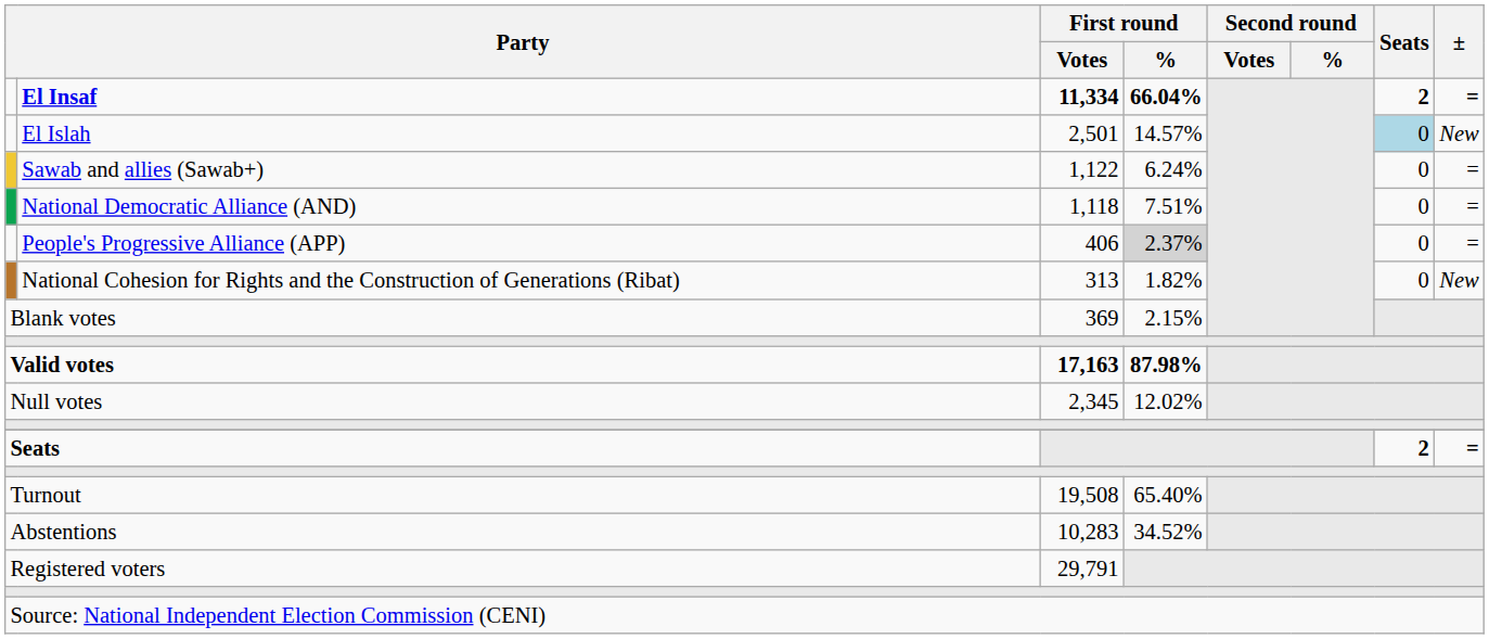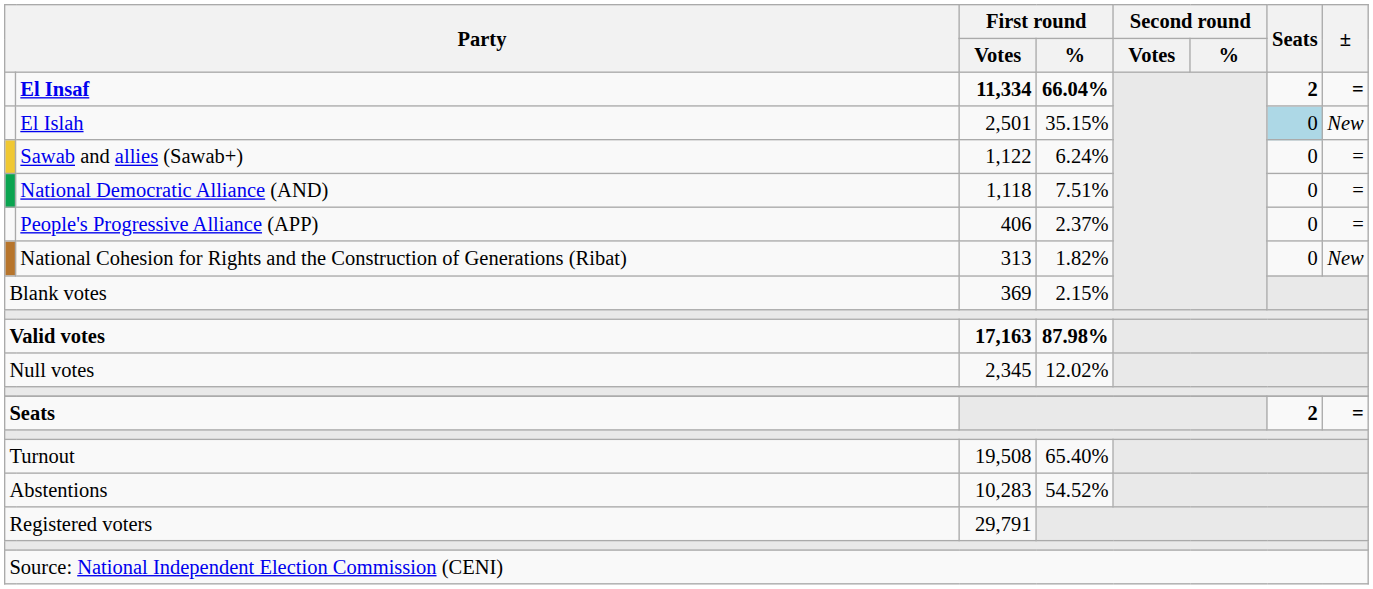 <table class="wikitable" style="text-align:right;font-size:95%;">
 <tr>
 <th rowspan="2" colspan="2" width="700">Party</th>
 <th colspan="2">First round</th>
 <th colspan="2">Second round</th>
 <th rowspan="2" width="25">Seats</th>
 <th rowspan="2" width="20">±</th>
 </tr>
 <tr>
 <th width="50">Votes</th>
 <th width="50">%</th>
 <th width="50">Votes</th>
 <th width="50">%</th>
 </tr>
 <tr>
 <td width="1" style="color:inherit;background:"></td>
 <td style="text-align:left;"><strong><a href='#'>El Insaf</a></strong></td>
 <td><strong>11,334</strong></td>
 <td><strong>66.04%</strong></td>
 <td colspan="2" rowspan="7" style="background:#E9E9E9;"></td>
 <td><strong>2</strong></td>
 <td><strong>=</strong></td>
 </tr>
 <tr>
 <td width="1" style="color:inherit;background:"></td>
 <td style="text-align:left;"><a href='#'>El Islah</a></td>
 <td>2,501</td>
-<td>14.57%</td>
+<td>35.15%</td>
 <td style="background: lightblue;">0</td>
 <td><em>New</em></td>
 </tr>
 <tr>
 <td width="1" style="color:inherit;background:#F0C832;"></td>
 <td style="text-align:left;"><a href='#'>Sawab</a> and <a href='#'>allies</a> (Sawab+)</td>
 <td>1,122</td>
 <td>6.24%</td>
 <td>0</td>
 <td>=</td>
 </tr>
 <tr>
 <td width="1" style="color:inherit;background:#0AA450;"></td>
 <td style="text-align:left;"><a href='#'>National Democratic Alliance</a> (AND)</td>
 <td>1,118</td>
 <td>7.51%</td>
 <td>0</td>
 <td>=</td>
 </tr>
 <tr>
 <td width="1" style="color:inherit;background:"></td>
 <td style="text-align:left;"><a href='#'>People's Progressive Alliance</a> (APP)</td>
 <td>406</td>
-<td style="background: lightgrey;">2.37%</td>
+<td>2.37%</td>
 <td>0</td>
 <td>=</td>
 </tr>
 <tr>
 <td width="1" style="color:inherit;background:#B7752C;"></td>
 <td style="text-align:left;">National Cohesion for Rights and the Construction of Generations (Ribat)</td>
 <td>313</td>
 <td>1.82%</td>
 <td>0</td>
 <td><em>New</em></td>
 </tr>
 <tr>
 <td colspan="2" style="text-align:left;">Blank votes</td>
 <td>369</td>
 <td>2.15%</td>
 <td colspan="4" style="background:#E9E9E9;"></td>
 </tr>
 <tr>
 <td colspan="8" style="background:#E9E9E9;"></td>
 </tr>
 <tr style="font-weight:bold;">
 <td colspan="2" style="text-align:left;">Valid votes</td>
 <td>17,163</td>
 <td>87.98%</td>
 <td colspan="4" style="background:#E9E9E9;"></td>
 </tr>
 <tr>
 <td colspan="2" style="text-align:left;">Null votes</td>
 <td>2,345</td>
 <td>12.02%</td>
 <td colspan="4" style="background:#E9E9E9;"></td>
 </tr>
 <tr>
 <td colspan="8" style="background:#E9E9E9;"></td>
 </tr>
 <tr>
 </tr>
 <tr style="font-weight:bold;">
 <td colspan="2" style="text-align:left;">Seats</td>
 <td colspan="4" style="background:#E9E9E9;"></td>
 <td>2</td>
 <td>=</td>
 </tr>
 <tr>
 <td colspan="8" style="background:#E9E9E9;"></td>
 </tr>
 <tr>
 <td colspan="2" style="text-align:left;">Turnout</td>
 <td>19,508</td>
 <td>65.40%</td>
 <td colspan="4" style="background:#E9E9E9;"></td>
 </tr>
 <tr>
 <td colspan="2" style="text-align:left;">Abstentions</td>
 <td>10,283</td>
-<td>34.52%</td>
+<td>54.52%</td>
 <td colspan="4" style="background:#E9E9E9;"></td>
 </tr>
 <tr>
 <td colspan="2" style="text-align:left;">Registered voters</td>
 <td>29,791</td>
 <td colspan="5" style="background:#E9E9E9;"></td>
 </tr>
 <tr>
 <td colspan="8" style="background:#E9E9E9;"></td>
 </tr>
 <tr>
 <td colspan="8" style="text-align:left;">Source: <a href='#'>National Independent Election Commission</a> (CENI)</td>
 </tr>
 </table>
